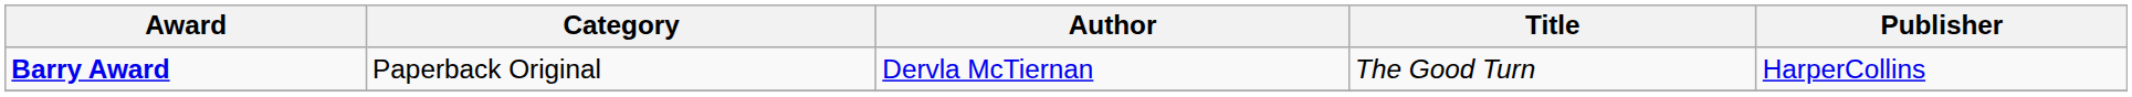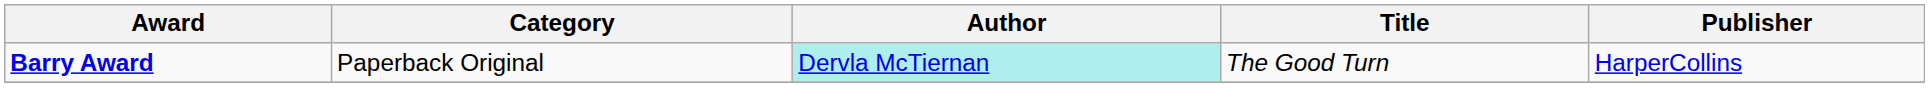 <table class="wikitable" width=100%>
 <tr>
 <th>Award</th>
 <th>Category</th>
 <th>Author</th>
 <th>Title</th>
 <th>Publisher</th>
 </tr>
 <tr>
 <td><strong><a href='#'>Barry Award</a></strong></td>
 <td>Paperback Original</td>
-<td><a href='#'>Dervla McTiernan</a></td>
+<td style="background: paleturquoise;"><a href='#'>Dervla McTiernan</a></td>
 <td><em>The Good Turn</em></td>
 <td><a href='#'>HarperCollins</a></td>
 </tr>
 <tr>
 </tr>
 </table>
